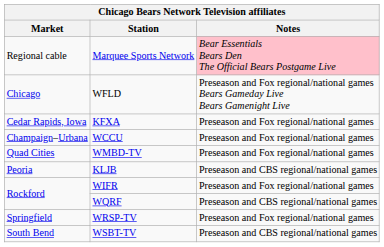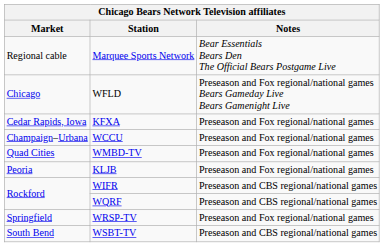 <table class="wikitable">
 <tr>
 <th colspan="3"><strong>Chicago Bears Network Television affiliates</strong></th>
 </tr>
 <tr>
 <th>Market</th>
 <th>Station</th>
 <th>Notes</th>
 </tr>
 <tr>
 <td>Regional cable</td>
 <td><a href='#'>Marquee Sports Network</a></td>
-<td style="background: pink;"><em>Bear Essentials</em><br><em>Bears Den</em><br><em>The Official Bears Postgame Live</em></td>
+<td><em>Bear Essentials</em><br><em>Bears Den</em><br><em>The Official Bears Postgame Live</em></td>
 </tr>
 <tr>
 <td><a href='#'>Chicago</a></td>
 <td>WFLD</td>
 <td>Preseason and Fox regional/national games<br><em>Bears Gameday Live</em><br><em>Bears Gamenight Live</em></td>
 </tr>
 <tr>
 <td><a href='#'>Cedar Rapids, Iowa</a></td>
 <td><a href='#'>KFXA</a></td>
 <td>Preseason and Fox regional/national games</td>
 </tr>
 <tr>
 <td><a href='#'>Champaign</a>–<a href='#'>Urbana</a></td>
 <td><a href='#'>WCCU</a></td>
 <td>Preseason and Fox regional/national games</td>
 </tr>
 <tr>
 <td><a href='#'>Quad Cities</a></td>
 <td><a href='#'>WMBD-TV</a></td>
 <td>Preseason and Fox regional/national games</td>
 </tr>
 <tr>
 <td><a href='#'>Peoria</a></td>
 <td><a href='#'>KLJB</a></td>
-<td>Preseason and CBS regional/national games</td>
+<td>Preseason and Fox regional/national games</td>
 </tr>
 <tr>
 <td rowspan=2><a href='#'>Rockford</a></td>
 <td><a href='#'>WIFR</a></td>
-<td>Preseason and Fox regional/national games</td>
+<td>Preseason and CBS regional/national games</td>
 </tr>
 <tr>
 <td><a href='#'>WQRF</a></td>
 <td>Preseason and CBS regional/national games</td>
 </tr>
 <tr>
 <td><a href='#'>Springfield</a></td>
 <td><a href='#'>WRSP-TV</a></td>
 <td>Preseason and Fox regional/national games</td>
 </tr>
 <tr>
 <td><a href='#'>South Bend</a></td>
 <td><a href='#'>WSBT-TV</a></td>
 <td>Preseason and CBS regional/national games</td>
 </tr>
 </table>
